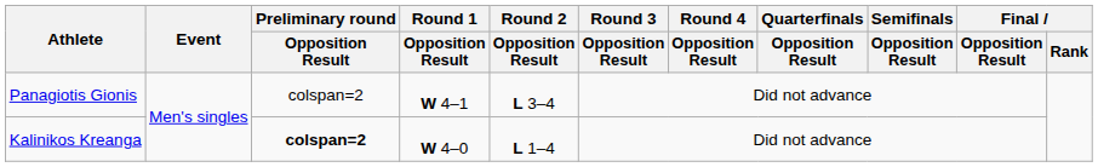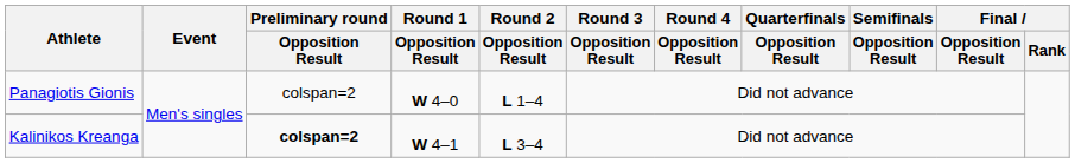 <table class="wikitable" style="font-size:90%">
 <tr>
 <th rowspan=2>Athlete</th>
 <th rowspan=2>Event</th>
 <th>Preliminary round</th>
 <th>Round 1</th>
 <th>Round 2</th>
 <th>Round 3</th>
 <th>Round 4</th>
 <th>Quarterfinals</th>
 <th>Semifinals</th>
 <th colspan=2>Final / </th>
 </tr>
 <tr style="font-size:95%">
 <th>Opposition<br>Result</th>
 <th>Opposition<br>Result</th>
 <th>Opposition<br>Result</th>
 <th>Opposition<br>Result</th>
 <th>Opposition<br>Result</th>
 <th>Opposition<br>Result</th>
 <th>Opposition<br>Result</th>
 <th>Opposition<br>Result</th>
 <th>Rank</th>
 </tr>
 <tr align=center>
 <td align=left><a href='#'>Panagiotis Gionis</a></td>
 <td align=left rowspan=2><a href='#'>Men's singles</a></td>
 <td>colspan=2 </td>
-<td><br><strong>W</strong> 4–1</td>
-<td><br><strong>L</strong> 3–4</td>
+<td><br><strong>W</strong> 4–0</td>
+<td><br><strong>L</strong> 1–4</td>
 <td colspan=5>Did not advance</td>
 </tr>
 <tr align=center>
 <td align=left><a href='#'>Kalinikos Kreanga</a></td>
 <td><strong>colspan=2 </strong></td>
-<td><br><strong>W</strong> 4–0</td>
-<td><br><strong>L</strong> 1–4</td>
+<td><br><strong>W</strong> 4–1</td>
+<td><br><strong>L</strong> 3–4</td>
 <td colspan=5>Did not advance</td>
 </tr>
 </table>
